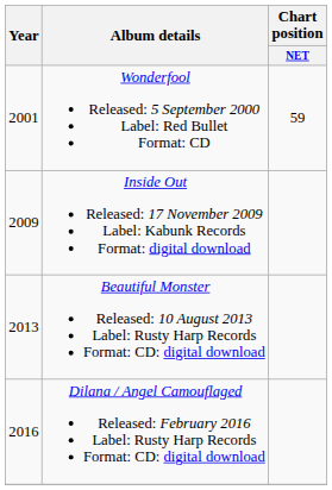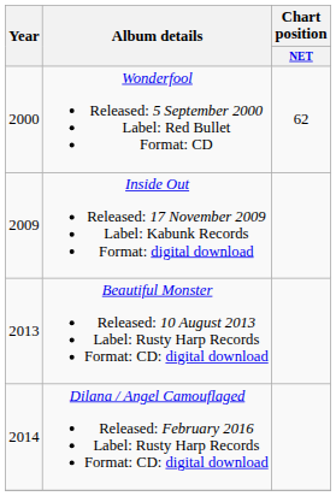 <table class=wikitable style="text-align:center;">
 <tr>
 <th rowspan="2">Year</th>
 <th rowspan="2">Album details</th>
 <th colspan="1">Chart position</th>
 </tr>
 <tr>
 <th style="width:3em;font-size:75%"><a href='#'>NET</a><br></th>
 </tr>
 <tr>
-<td>2001</td>
+<td>2000</td>
 <td><em><a href='#'>Wonderfool</a></em><br><ul><li>Released: <em>5 September 2000</em></li><li>Label: Red Bullet</li><li>Format: CD</li></ul></td>
-<td>59</td>
+<td>62</td>
 </tr>
 <tr>
 <td>2009</td>
 <td><em><a href='#'>Inside Out</a></em><br><ul><li>Released: <em>17 November 2009</em></li><li>Label: Kabunk Records</li><li>Format: <a href='#'>digital download</a></li></ul></td>
 <td></td>
 </tr>
 <tr>
 <td>2013</td>
 <td><em><a href='#'>Beautiful Monster</a></em><br><ul><li>Released: <em>10 August 2013</em></li><li>Label: Rusty Harp Records</li><li>Format: CD: <a href='#'>digital download</a></li></ul></td>
 </tr>
 <tr>
-<td>2016</td>
+<td>2014</td>
 <td><em><a href='#'>Dilana / Angel Camouflaged</a></em><br><ul><li>Released: <em>February 2016</em></li><li>Label: Rusty Harp Records</li><li>Format: CD: <a href='#'>digital download</a></li></ul></td>
 <td></td>
 </tr>
 <tr>
 </tr>
 </table>
